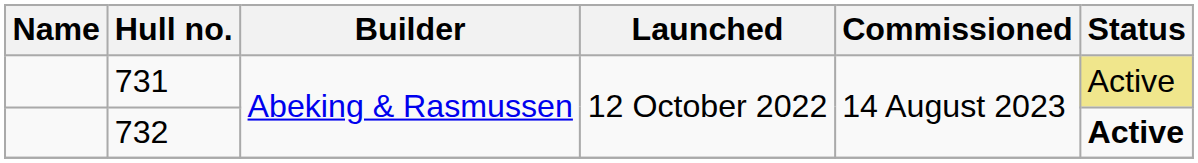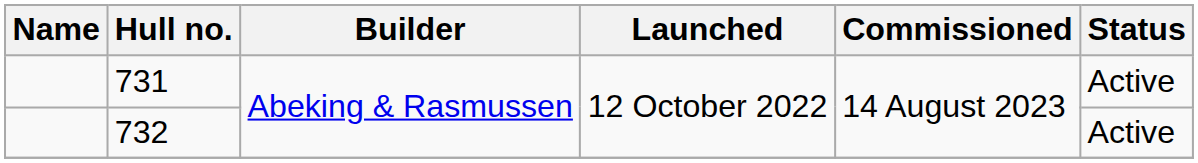 <table class="sortable wikitable">
 <tr>
 <th>Name</th>
 <th>Hull no.</th>
 <th>Builder</th>
 <th>Launched</th>
 <th>Commissioned</th>
 <th>Status</th>
 </tr>
 <tr>
 <td></td>
 <td>731</td>
 <td rowspan="2"><a href='#'>Abeking & Rasmussen</a></td>
 <td rowspan="2">12 October 2022</td>
 <td rowspan="2">14 August 2023</td>
-<td style="background: khaki;">Active</td>
+<td>Active</td>
 </tr>
 <tr>
 <td></td>
 <td>732</td>
-<td><strong>Active</strong></td>
+<td>Active</td>
 </tr>
 <tr>
 </tr>
 </table>
